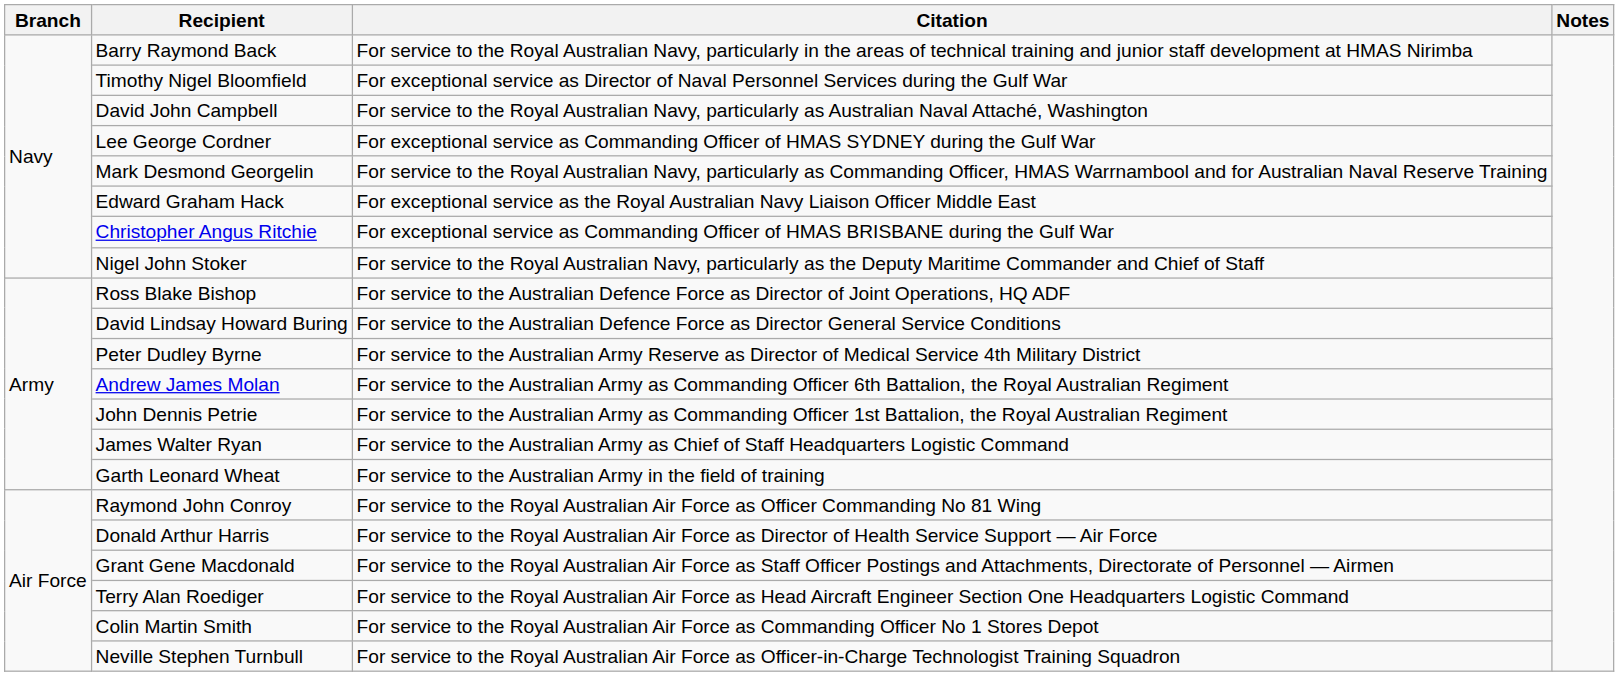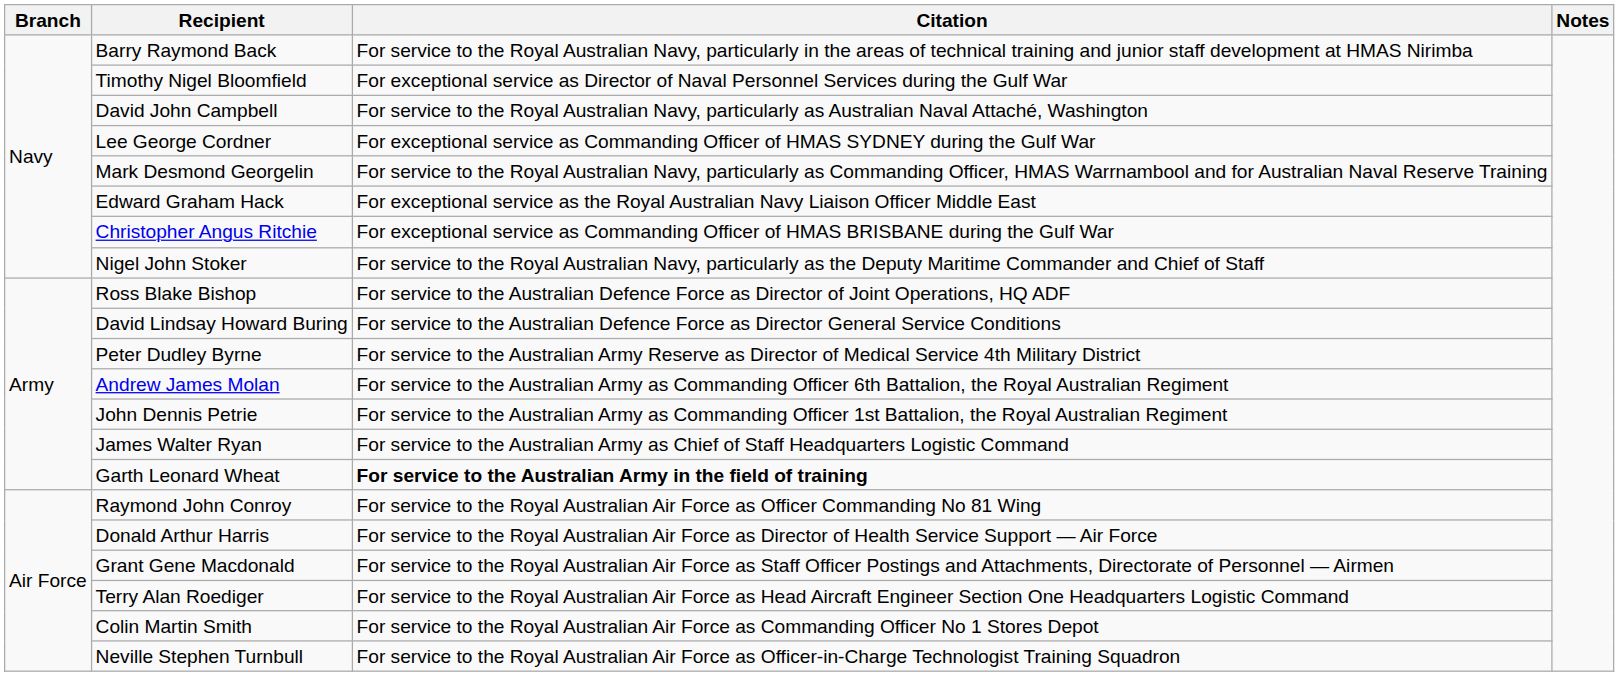 <table class="wikitable" style="font-size:95%;">
 <tr>
 <th>Branch</th>
 <th>Recipient</th>
 <th>Citation</th>
 <th>Notes</th>
 </tr>
 <tr>
 <td rowspan=8>Navy</td>
 <td> Barry Raymond Back</td>
 <td>For service to the Royal Australian Navy, particularly in the areas of technical training and junior staff development at HMAS Nirimba</td>
 <td rowspan=30></td>
 </tr>
 <tr>
 <td> Timothy Nigel Bloomfield</td>
 <td>For exceptional service as Director of Naval Personnel Services during the Gulf War</td>
 </tr>
 <tr>
 <td> David John Campbell</td>
 <td>For service to the Royal Australian Navy, particularly as Australian Naval Attaché, Washington</td>
 </tr>
 <tr>
 <td> Lee George Cordner</td>
 <td>For exceptional service as Commanding Officer of HMAS SYDNEY during the Gulf War</td>
 </tr>
 <tr>
 <td> Mark Desmond Georgelin</td>
 <td>For service to the Royal Australian Navy, particularly as Commanding Officer, HMAS Warrnambool and for Australian Naval Reserve Training</td>
 </tr>
 <tr>
 <td> Edward Graham Hack</td>
 <td>For exceptional service as the Royal Australian Navy Liaison Officer Middle East</td>
 </tr>
 <tr>
 <td> <a href='#'>Christopher Angus Ritchie</a></td>
 <td>For exceptional service as Commanding Officer of HMAS BRISBANE during the Gulf War</td>
 </tr>
 <tr>
 <td> Nigel John Stoker</td>
 <td>For service to the Royal Australian Navy, particularly as the Deputy Maritime Commander and Chief of Staff</td>
 </tr>
 <tr>
 <td rowspan=7>Army</td>
 <td> Ross Blake Bishop</td>
 <td>For service to the Australian Defence Force as Director of Joint Operations, HQ ADF</td>
 </tr>
 <tr>
 <td> David Lindsay Howard Buring</td>
 <td>For service to the Australian Defence Force as Director General Service Conditions</td>
 </tr>
 <tr>
 <td> Peter Dudley Byrne</td>
 <td>For service to the Australian Army Reserve as Director of Medical Service 4th Military District</td>
 </tr>
 <tr>
 <td> <a href='#'>Andrew James Molan</a></td>
 <td>For service to the Australian Army as Commanding Officer 6th Battalion, the Royal Australian Regiment</td>
 </tr>
 <tr>
 <td> John Dennis Petrie</td>
 <td>For service to the Australian Army as Commanding Officer 1st Battalion, the Royal Australian Regiment</td>
 </tr>
 <tr>
 <td> James Walter Ryan</td>
 <td>For service to the Australian Army as Chief of Staff Headquarters Logistic Command</td>
 </tr>
 <tr>
 <td> Garth Leonard Wheat</td>
-<td>For service to the Australian Army in the field of training</td>
+<td><strong>For service to the Australian Army in the field of training</strong></td>
 </tr>
 <tr>
 <td rowspan=6>Air Force</td>
 <td> Raymond John Conroy</td>
 <td>For service to the Royal Australian Air Force as Officer Commanding No 81 Wing</td>
 </tr>
 <tr>
 <td> Donald Arthur Harris</td>
 <td>For service to the Royal Australian Air Force as Director of Health Service Support — Air Force</td>
 </tr>
 <tr>
 <td> Grant Gene Macdonald</td>
 <td>For service to the Royal Australian Air Force as Staff Officer Postings and Attachments, Directorate of Personnel — Airmen</td>
 </tr>
 <tr>
 <td> Terry Alan Roediger</td>
 <td>For service to the Royal Australian Air Force as Head Aircraft Engineer Section One Headquarters Logistic Command</td>
 </tr>
 <tr>
 <td> Colin Martin Smith</td>
 <td>For service to the Royal Australian Air Force as Commanding Officer No 1 Stores Depot</td>
 </tr>
 <tr>
 <td> Neville Stephen Turnbull</td>
 <td>For service to the Royal Australian Air Force as Officer-in-Charge Technologist Training Squadron</td>
 </tr>
 </table>
